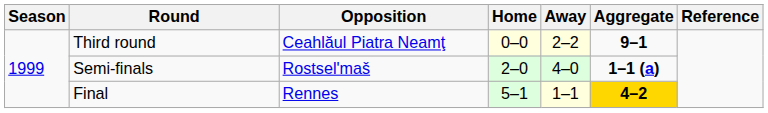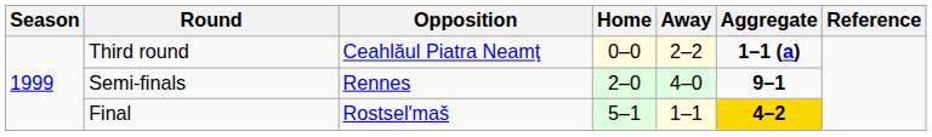 <table class="wikitable">
 <tr>
 <th>Season</th>
 <th width=200>Round</th>
 <th width=200>Opposition</th>
 <th>Home</th>
 <th>Away</th>
 <th>Aggregate</th>
 <th>Reference</th>
 </tr>
 <tr>
 <td rowspan="3"><a href='#'>1999</a></td>
 <td>Third round</td>
 <td> <a href='#'>Ceahlăul Piatra Neamţ</a></td>
 <td style="text-align:center; background:#ffd;">0–0</td>
 <td style="text-align:center; background:#ffd;">2–2</td>
-<td style="text-align:center;"><strong>9–1</strong></td>
+<td style="text-align:center;"><strong>1–1 (<a href='#'>a</a>)</strong></td>
 <td rowspan="3" style="text-align:center;"></td>
 </tr>
 <tr>
 <td>Semi-finals</td>
-<td> <a href='#'>Rostsel'maš</a></td>
+<td> <a href='#'>Rennes</a></td>
 <td style="text-align:center; background:#dfd;">2–0</td>
 <td style="text-align:center; background:#dfd;">4–0</td>
-<td style="text-align:center;"><strong>1–1 (<a href='#'>a</a>)</strong></td>
+<td style="text-align:center;"><strong>9–1</strong></td>
 </tr>
 <tr>
 <td>Final</td>
-<td> <a href='#'>Rennes</a></td>
+<td> <a href='#'>Rostsel'maš</a></td>
 <td style="text-align:center; background:#dfd;">5–1</td>
 <td style="text-align:center; background:#ffd;">1–1</td>
 <td bgcolor=Gold style="text-align:center;"><strong>4–2</strong></td>
 </tr>
 </table>
